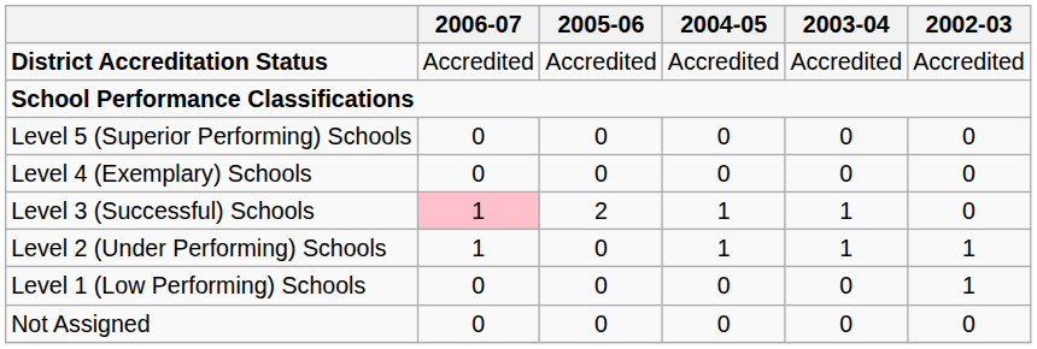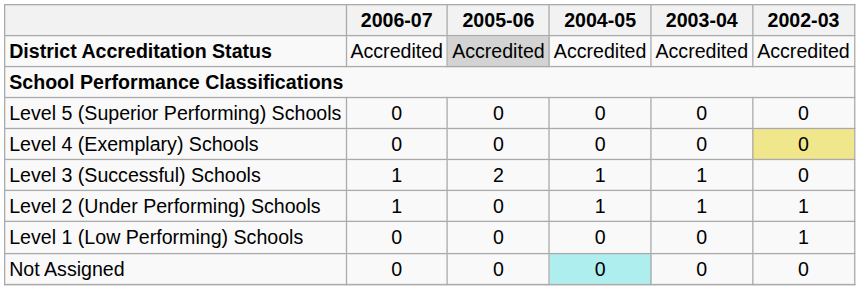 <table class="wikitable" style="font-size: 95%;">
 <tr>
 <th></th>
 <th>2006-07</th>
 <th>2005-06</th>
 <th>2004-05</th>
 <th>2003-04</th>
 <th>2002-03</th>
 </tr>
 <tr>
 <td align="left"><strong>District Accreditation Status</strong></td>
 <td align="center">Accredited</td>
-<td align="center">Accredited</td>
+<td align="center" style="background: lightgrey;">Accredited</td>
 <td align="center">Accredited</td>
 <td align="center">Accredited</td>
 <td align="center">Accredited</td>
 </tr>
 <tr>
 <td align="left" colspan="6"><strong>School Performance Classifications</strong></td>
 </tr>
 <tr>
 <td align="left">Level 5 (Superior Performing) Schools</td>
 <td align="center">0</td>
 <td align="center">0</td>
 <td align="center">0</td>
 <td align="center">0</td>
 <td align="center">0</td>
 </tr>
 <tr>
 <td align="left">Level 4 (Exemplary) Schools</td>
 <td align="center">0</td>
 <td align="center">0</td>
 <td align="center">0</td>
 <td align="center">0</td>
-<td align="center">0</td>
+<td align="center" style="background: khaki;">0</td>
 </tr>
 <tr>
 <td align="left">Level 3 (Successful) Schools</td>
-<td align="center" style="background: pink;">1</td>
+<td align="center">1</td>
 <td align="center">2</td>
 <td align="center">1</td>
 <td align="center">1</td>
 <td align="center">0</td>
 </tr>
 <tr>
 <td align="left">Level 2 (Under Performing) Schools</td>
 <td align="center">1</td>
 <td align="center">0</td>
 <td align="center">1</td>
 <td align="center">1</td>
 <td align="center">1</td>
 </tr>
 <tr>
 <td align="left">Level 1 (Low Performing) Schools</td>
 <td align="center">0</td>
 <td align="center">0</td>
 <td align="center">0</td>
 <td align="center">0</td>
 <td align="center">1</td>
 </tr>
 <tr>
 <td align="left">Not Assigned</td>
 <td align="center">0</td>
 <td align="center">0</td>
-<td align="center">0</td>
+<td align="center" style="background: paleturquoise;">0</td>
 <td align="center">0</td>
 <td align="center">0</td>
 </tr>
 <tr>
 </tr>
 </table>
